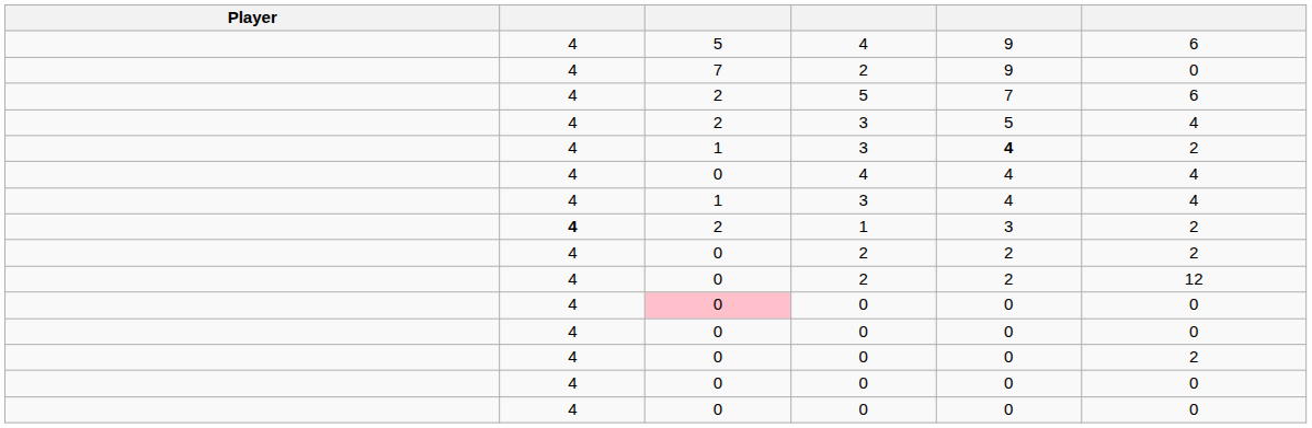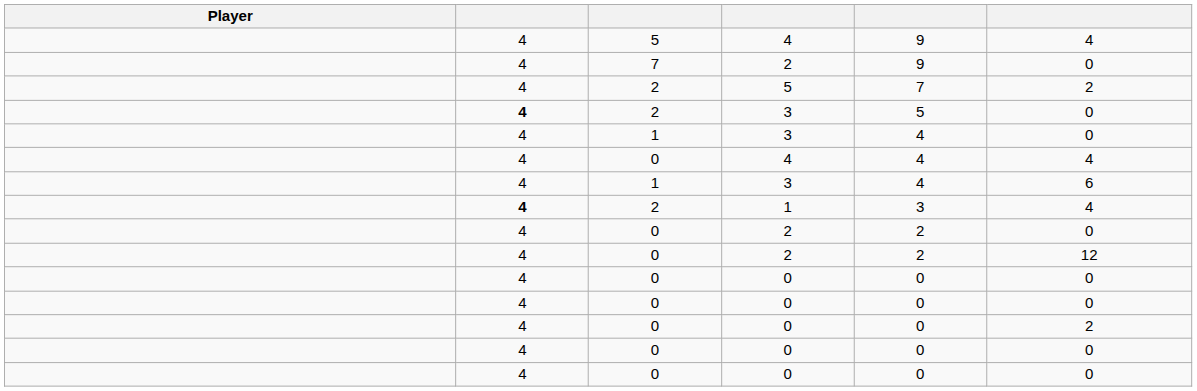 <table class="wikitable sortable" style="width:100%; text-align:center;">
 <tr>
 <th>Player</th>
 <th></th>
 <th></th>
 <th></th>
 <th></th>
 <th></th>
 </tr>
 <tr>
 <td></td>
 <td>4</td>
 <td>5</td>
 <td>4</td>
 <td>9</td>
-<td>6</td>
+<td>4</td>
 </tr>
 <tr>
 <td></td>
 <td>4</td>
 <td>7</td>
 <td>2</td>
 <td>9</td>
 <td>0</td>
 </tr>
 <tr>
 <td></td>
 <td>4</td>
 <td>2</td>
 <td>5</td>
 <td>7</td>
-<td>6</td>
+<td>2</td>
 </tr>
 <tr>
 <td></td>
-<td>4</td>
+<td><strong>4</strong></td>
 <td>2</td>
 <td>3</td>
 <td>5</td>
-<td>4</td>
+<td>0</td>
 </tr>
 <tr>
 <td></td>
 <td>4</td>
 <td>1</td>
 <td>3</td>
-<td><strong>4</strong></td>
-<td>2</td>
+<td>4</td>
+<td>0</td>
 </tr>
 <tr>
 <td></td>
 <td>4</td>
 <td>0</td>
 <td>4</td>
 <td>4</td>
 <td>4</td>
 </tr>
 <tr>
 <td></td>
 <td>4</td>
 <td>1</td>
 <td>3</td>
 <td>4</td>
-<td>4</td>
+<td>6</td>
 </tr>
 <tr>
 <td></td>
 <td><strong>4</strong></td>
 <td>2</td>
 <td>1</td>
 <td>3</td>
-<td>2</td>
+<td>4</td>
 </tr>
 <tr>
 <td></td>
 <td>4</td>
 <td>0</td>
 <td>2</td>
 <td>2</td>
-<td>2</td>
+<td>0</td>
 </tr>
 <tr>
 <td></td>
 <td>4</td>
 <td>0</td>
 <td>2</td>
 <td>2</td>
 <td>12</td>
 </tr>
 <tr>
 <td></td>
 <td>4</td>
-<td style="background: pink;">0</td>
+<td>0</td>
 <td>0</td>
 <td>0</td>
 <td>0</td>
 </tr>
 <tr>
 <td></td>
 <td>4</td>
 <td>0</td>
 <td>0</td>
 <td>0</td>
 <td>0</td>
 </tr>
 <tr>
 <td></td>
 <td>4</td>
 <td>0</td>
 <td>0</td>
 <td>0</td>
 <td>2</td>
 </tr>
 <tr>
 <td></td>
 <td>4</td>
 <td>0</td>
 <td>0</td>
 <td>0</td>
 <td>0</td>
 </tr>
 <tr>
 <td></td>
 <td>4</td>
 <td>0</td>
 <td>0</td>
 <td>0</td>
 <td>0</td>
 </tr>
 </table>
